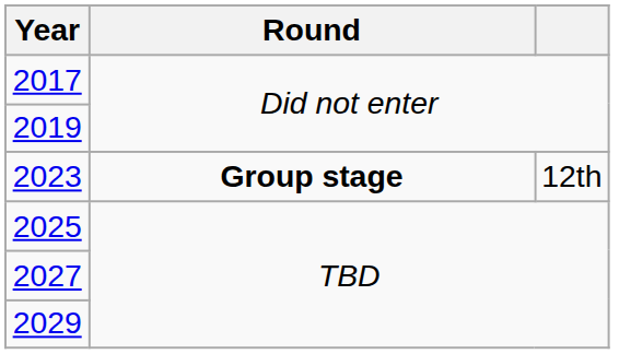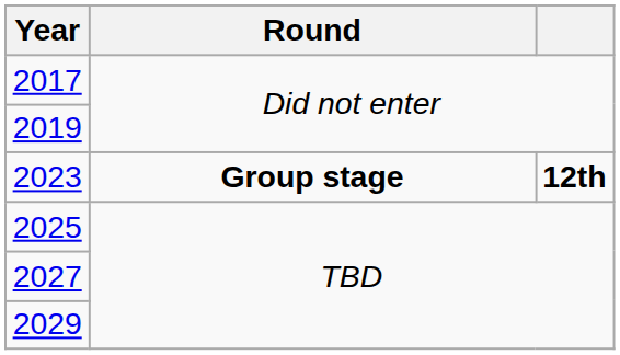 <table class="wikitable" style="text-align: center; font-size:90%">
 <tr>
 <th>Year</th>
 <th style="width:200px">Round</th>
 <th></th>
 </tr>
 <tr>
 <td><a href='#'>2017</a></td>
 <td colspan="2" rowspan="2"><em>Did not enter</em></td>
 </tr>
 <tr>
 <td><a href='#'>2019</a></td>
 </tr>
 <tr>
 <td><a href='#'>2023</a></td>
 <td><strong>Group stage</strong></td>
-<td>12th</td>
+<td><strong>12th</strong></td>
 </tr>
 <tr>
 <td><a href='#'>2025</a></td>
 <td colspan="2" rowspan="3"><em>TBD</em></td>
 </tr>
 <tr>
 <td><a href='#'>2027</a></td>
 </tr>
 <tr>
 <td><a href='#'>2029</a></td>
 </tr>
 </table>
